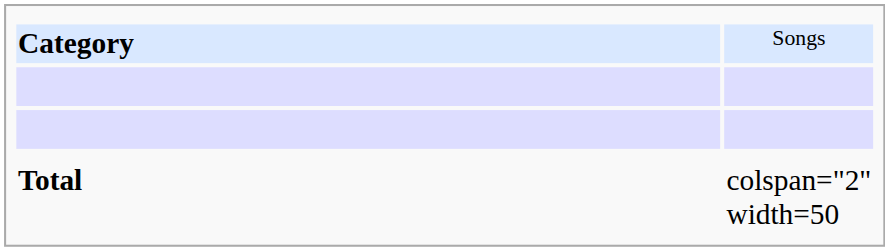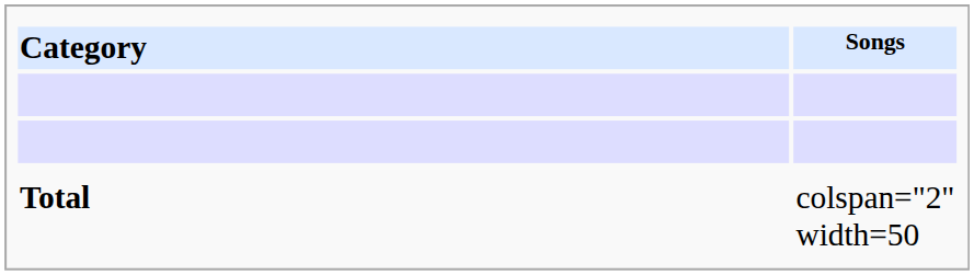 <table class="infobox" style="width: 30em; text-align: left; font-size: 90%; vertical-align: middle;">
 <tr>
 <td colspan="2" style="text-align:center;"></td>
 </tr>
 <tr style="background:#d9e8ff;">
 <th style="vertical-align: middle;">Category</th>
-<td style="background;text-align:center; font-size:8pt; width:60px;">Songs</td>
+<td style="background;text-align:center; font-size:8pt; width:60px;"><strong>Songs</strong></td>
 </tr>
 <tr style="background:#ddf;text-align:center;">
 <td style="text-align:center;"><br></td>
 <td></td>
 </tr>
 <tr style="background:#ddf;text-align:center;">
 <td style="text-align:center;"><br></td>
 <td></td>
 </tr>
 <tr>
 <td colspan="2" style="text-align:center;"></td>
 </tr>
 <tr>
 <td><strong>Total</strong></td>
 <td>colspan="2" width=50 </td>
 </tr>
 </table>
